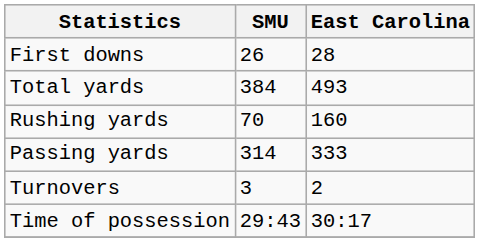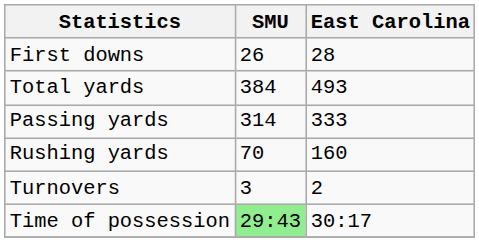 <table class="wikitable">
 <tr>
 <th>Statistics</th>
 <th>SMU</th>
 <th>East Carolina</th>
 </tr>
 <tr>
 <td>First downs</td>
 <td>26</td>
 <td>28</td>
 </tr>
 <tr>
 <td>Total yards</td>
 <td>384</td>
 <td>493</td>
 </tr>
 <tr>
+<td>Passing yards</td>
+<td>314</td>
+<td>333</td>
+</tr>
+<tr>
 <td>Rushing yards</td>
 <td>70</td>
 <td>160</td>
-</tr>
-<tr>
-<td>Passing yards</td>
-<td>314</td>
-<td>333</td>
 </tr>
 <tr>
 <td>Turnovers</td>
 <td>3</td>
 <td>2</td>
 </tr>
 <tr>
 <td>Time of possession</td>
-<td>29:43</td>
+<td style="background: lightgreen;">29:43</td>
 <td>30:17</td>
 </tr>
 <tr>
 </tr>
 </table>
